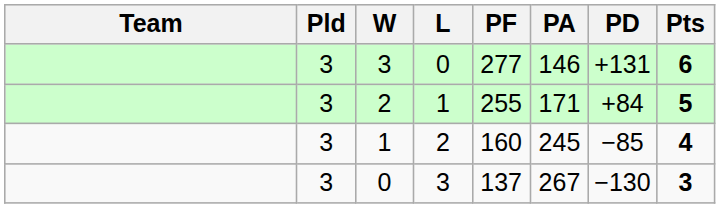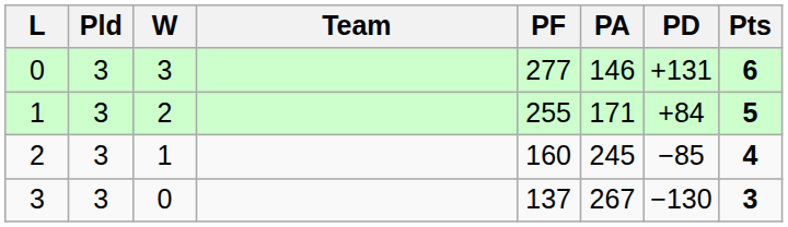 <table class=wikitable style="text-align:center">
 <tr>
-<th width=180>Team</th>
+<th width=30>L</th>
 <th width=30>Pld</th>
 <th width=30>W</th>
-<th width=30>L</th>
+<th width=180>Team</th>
 <th width=30>PF</th>
 <th width=30>PA</th>
 <th width=30>PD</th>
 <th width=30>Pts</th>
 </tr>
 <tr bgcolor=ccffcc>
-<td align=left></td>
+<td>0</td>
 <td>3</td>
 <td>3</td>
-<td>0</td>
+<td align=left></td>
 <td>277</td>
 <td>146</td>
 <td>+131</td>
 <td><strong>6</strong></td>
 </tr>
 <tr bgcolor=ccffcc>
-<td align=left></td>
+<td>1</td>
 <td>3</td>
 <td>2</td>
-<td>1</td>
+<td align=left></td>
 <td>255</td>
 <td>171</td>
 <td>+84</td>
 <td><strong>5</strong></td>
 </tr>
 <tr>
-<td align=left></td>
+<td>2</td>
 <td>3</td>
 <td>1</td>
-<td>2</td>
+<td align=left></td>
 <td>160</td>
 <td>245</td>
 <td>−85</td>
 <td><strong>4</strong></td>
 </tr>
 <tr>
-<td align=left></td>
+<td>3</td>
 <td>3</td>
 <td>0</td>
-<td>3</td>
+<td align=left></td>
 <td>137</td>
 <td>267</td>
 <td>−130</td>
 <td><strong>3</strong></td>
 </tr>
 </table>
